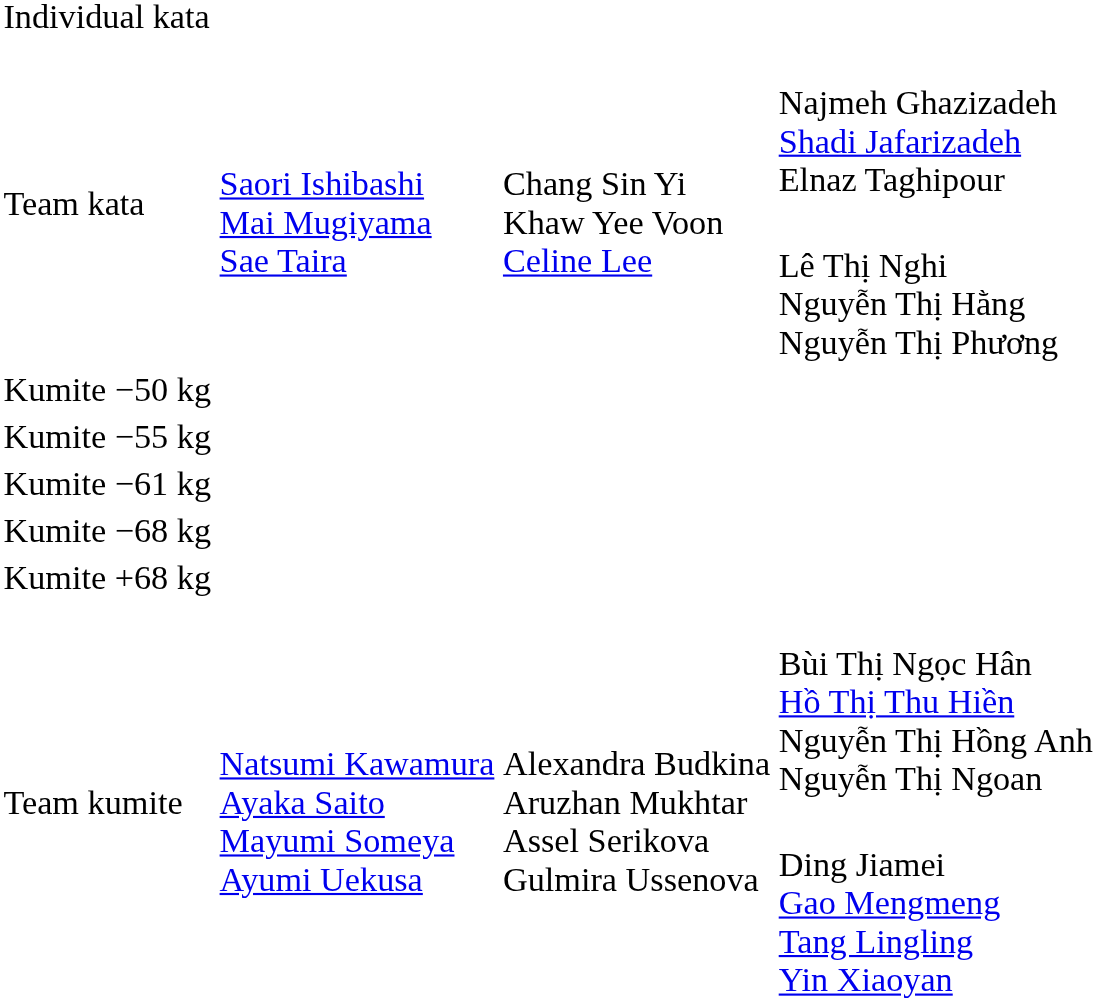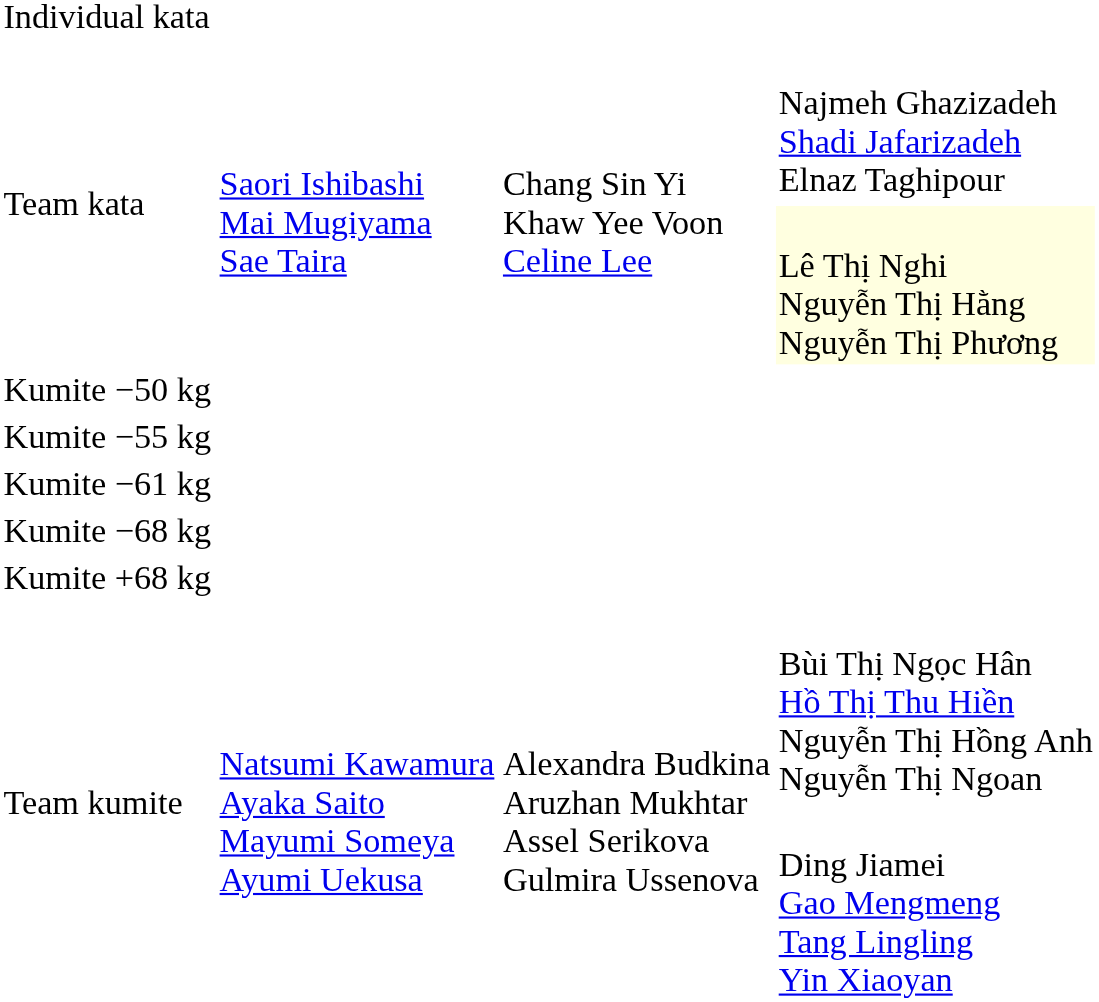 <table>
 <tr>
 <td rowspan=2>Individual kata</td>
 <td rowspan=2></td>
 <td rowspan=2></td>
 <td></td>
 </tr>
 <tr>
 <td></td>
 </tr>
 <tr>
 <td rowspan=2>Team kata</td>
 <td rowspan=2><br><a href='#'>Saori Ishibashi</a><br><a href='#'>Mai Mugiyama</a><br><a href='#'>Sae Taira</a></td>
 <td rowspan=2><br>Chang Sin Yi<br>Khaw Yee Voon<br><a href='#'>Celine Lee</a></td>
 <td><br>Najmeh Ghazizadeh<br><a href='#'>Shadi Jafarizadeh</a><br>Elnaz Taghipour</td>
 </tr>
 <tr>
-<td><br>Lê Thị Nghi<br>Nguyễn Thị Hằng<br>Nguyễn Thị Phương</td>
+<td style="background: lightyellow;"><br>Lê Thị Nghi<br>Nguyễn Thị Hằng<br>Nguyễn Thị Phương</td>
 </tr>
 <tr>
 <td rowspan=2>Kumite −50 kg</td>
 <td rowspan=2></td>
 <td rowspan=2></td>
 <td></td>
 </tr>
 <tr>
 <td></td>
 </tr>
 <tr>
 <td rowspan=2>Kumite −55 kg</td>
 <td rowspan=2></td>
 <td rowspan=2></td>
 <td></td>
 </tr>
 <tr>
 <td></td>
 </tr>
 <tr>
 <td rowspan=2>Kumite −61 kg</td>
 <td rowspan=2></td>
 <td rowspan=2></td>
 <td></td>
 </tr>
 <tr>
 <td></td>
 </tr>
 <tr>
 <td rowspan=2>Kumite −68 kg</td>
 <td rowspan=2></td>
 <td rowspan=2></td>
 <td></td>
 </tr>
 <tr>
 <td></td>
 </tr>
 <tr>
 <td rowspan=2>Kumite +68 kg</td>
 <td rowspan=2></td>
 <td rowspan=2></td>
 <td></td>
 </tr>
 <tr>
 <td></td>
 </tr>
 <tr>
 <td rowspan=2>Team kumite</td>
 <td rowspan=2><br><a href='#'>Natsumi Kawamura</a><br><a href='#'>Ayaka Saito</a><br><a href='#'>Mayumi Someya</a><br><a href='#'>Ayumi Uekusa</a></td>
 <td rowspan=2><br>Alexandra Budkina<br>Aruzhan Mukhtar<br>Assel Serikova<br>Gulmira Ussenova</td>
 <td><br>Bùi Thị Ngọc Hân<br><a href='#'>Hồ Thị Thu Hiền</a><br>Nguyễn Thị Hồng Anh<br>Nguyễn Thị Ngoan</td>
 </tr>
 <tr>
 <td><br>Ding Jiamei<br><a href='#'>Gao Mengmeng</a><br><a href='#'>Tang Lingling</a><br><a href='#'>Yin Xiaoyan</a></td>
 </tr>
 </table>
